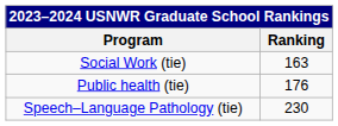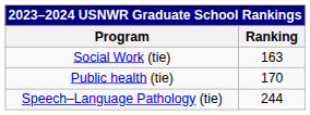 <table class="wikitable sortable collapsible collapsed" style="float:right; text-align:center">
 <tr>
 <th colspan=4 style="background:#000080; color:#FFFFFF; ">2023–2024 USNWR Graduate School Rankings</th>
 </tr>
 <tr>
 <th>Program</th>
 <th>Ranking</th>
 </tr>
 <tr>
 <td><a href='#'>Social Work</a> (tie)</td>
 <td>163</td>
 </tr>
 <tr>
 <td><a href='#'>Public health</a> (tie)</td>
-<td>176</td>
+<td>170</td>
 </tr>
 <tr>
 <td><a href='#'>Speech–Language Pathology</a> (tie)</td>
-<td>230</td>
+<td>244</td>
 </tr>
 </table>
